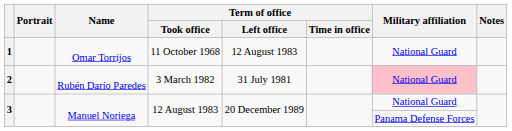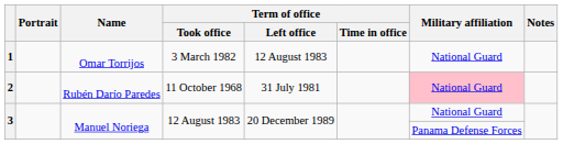 <table class="wikitable" style="text-align:center">
 <tr>
 <th rowspan="2"></th>
 <th rowspan="2">Portrait</th>
 <th rowspan="2">Name<br></th>
 <th colspan="3">Term of office</th>
 <th rowspan="2">Military affiliation</th>
 <th rowspan="2">Notes</th>
 </tr>
 <tr>
 <th>Took office</th>
 <th>Left office</th>
 <th>Time in office</th>
 </tr>
 <tr>
 <th style="background:">1</th>
 <td></td>
 <td><br><a href='#'>Omar Torrijos</a><br></td>
-<td>11 October 1968</td>
+<td>3 March 1982</td>
 <td>12 August 1983</td>
 <td></td>
 <td><a href='#'>National Guard</a></td>
 <td></td>
 </tr>
 <tr>
 <th style="background:">2</th>
 <td></td>
 <td><br><a href='#'>Rubén Darío Paredes</a><br></td>
-<td>3 March 1982</td>
+<td>11 October 1968</td>
 <td>31 July 1981</td>
 <td></td>
 <td style="background: pink;"><a href='#'>National Guard</a></td>
 <td></td>
 </tr>
 <tr>
 <th rowspan=2 style="background:">3</th>
 <td rowspan=2></td>
 <td rowspan=2><br><a href='#'>Manuel Noriega</a><br></td>
 <td rowspan=2>12 August 1983</td>
 <td rowspan=2>20 December 1989</td>
 <td rowspan=2></td>
 <td><a href='#'>National Guard</a></td>
 <td rowspan=2></td>
 </tr>
 <tr>
 <td><a href='#'>Panama Defense Forces</a><br></td>
 </tr>
 </table>
